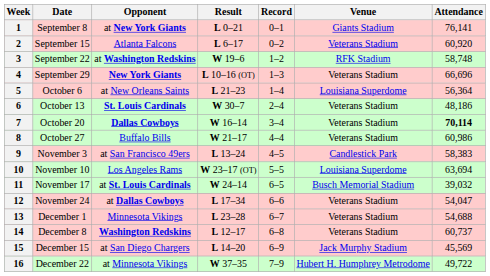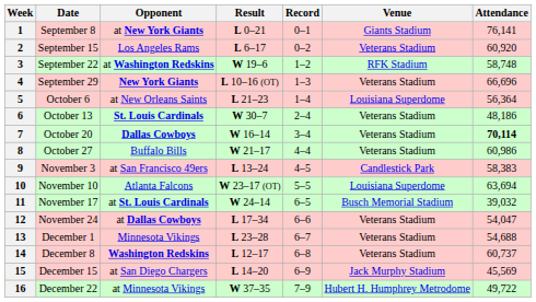 <table class="wikitable" style="text-align:center">
 <tr>
 <th>Week</th>
 <th>Date</th>
 <th>Opponent</th>
 <th>Result</th>
 <th>Record</th>
 <th>Venue</th>
 <th>Attendance</th>
 </tr>
 <tr style="background:#fcc">
 <th>1</th>
 <td>September 8</td>
 <td>at <strong><a href='#'>New York Giants</a></strong></td>
 <td><strong>L</strong> 0–21</td>
 <td>0–1</td>
 <td><a href='#'>Giants Stadium</a></td>
 <td>76,141</td>
 </tr>
 <tr style="background:#fcc">
 <th>2</th>
 <td>September 15</td>
-<td><a href='#'>Atlanta Falcons</a></td>
+<td><a href='#'>Los Angeles Rams</a></td>
 <td><strong>L</strong> 6–17</td>
 <td>0–2</td>
 <td><a href='#'>Veterans Stadium</a></td>
 <td>60,920</td>
 </tr>
 <tr style="background:#cfc">
 <th>3</th>
 <td>September 22</td>
 <td>at <strong><a href='#'>Washington Redskins</a></strong></td>
 <td><strong>W</strong> 19–6</td>
 <td>1–2</td>
 <td><a href='#'>RFK Stadium</a></td>
 <td>58,748</td>
 </tr>
 <tr style="background:#fcc">
 <th>4</th>
 <td>September 29</td>
 <td><strong><a href='#'>New York Giants</a></strong></td>
 <td><strong>L</strong> 10–16 <small>(OT)</small></td>
 <td>1–3</td>
 <td>Veterans Stadium</td>
 <td>66,696</td>
 </tr>
 <tr style="background:#fcc">
 <th>5</th>
 <td>October 6</td>
 <td>at <a href='#'>New Orleans Saints</a></td>
 <td><strong>L</strong> 21–23</td>
 <td>1–4</td>
 <td><a href='#'>Louisiana Superdome</a></td>
 <td>56,364</td>
 </tr>
 <tr style="background:#cfc">
 <th>6</th>
 <td>October 13</td>
 <td><strong><a href='#'>St. Louis Cardinals</a></strong></td>
 <td><strong>W</strong> 30–7</td>
 <td>2–4</td>
 <td>Veterans Stadium</td>
 <td>48,186</td>
 </tr>
 <tr style="background:#cfc">
 <th>7</th>
 <td>October 20</td>
 <td><strong><a href='#'>Dallas Cowboys</a></strong></td>
 <td><strong>W</strong> 16–14</td>
 <td>3–4</td>
 <td>Veterans Stadium</td>
 <td><strong>70,114</strong></td>
 </tr>
 <tr style="background:#cfc">
 <th>8</th>
 <td>October 27</td>
 <td><a href='#'>Buffalo Bills</a></td>
 <td><strong>W</strong> 21–17</td>
 <td>4–4</td>
 <td>Veterans Stadium</td>
 <td>60,986</td>
 </tr>
 <tr style="background:#fcc">
 <th>9</th>
 <td>November 3</td>
 <td>at <a href='#'>San Francisco 49ers</a></td>
 <td><strong>L</strong> 13–24</td>
 <td>4–5</td>
 <td><a href='#'>Candlestick Park</a></td>
 <td>58,383</td>
 </tr>
 <tr style="background:#cfc">
 <th>10</th>
 <td>November 10</td>
-<td><a href='#'>Los Angeles Rams</a></td>
+<td><a href='#'>Atlanta Falcons</a></td>
 <td><strong>W</strong> 23–17 <small>(OT)</small></td>
 <td>5–5</td>
 <td><a href='#'>Louisiana Superdome</a></td>
 <td>63,694</td>
 </tr>
 <tr style="background:#cfc">
 <th>11</th>
 <td>November 17</td>
 <td>at <strong><a href='#'>St. Louis Cardinals</a></strong></td>
 <td><strong>W</strong> 24–14</td>
 <td>6–5</td>
 <td><a href='#'>Busch Memorial Stadium</a></td>
 <td>39,032</td>
 </tr>
 <tr style="background:#fcc">
 <th>12</th>
 <td>November 24</td>
 <td>at <strong><a href='#'>Dallas Cowboys</a></strong></td>
 <td><strong>L</strong> 17–34</td>
 <td>6–6</td>
 <td>Veterans Stadium</td>
 <td>54,047</td>
 </tr>
 <tr style="background:#fcc">
 <th>13</th>
 <td>December 1</td>
 <td><a href='#'>Minnesota Vikings</a></td>
 <td><strong>L</strong> 23–28</td>
 <td>6–7</td>
 <td>Veterans Stadium</td>
 <td>54,688</td>
 </tr>
 <tr style="background:#fcc">
 <th>14</th>
 <td>December 8</td>
 <td><strong><a href='#'>Washington Redskins</a></strong></td>
 <td><strong>L</strong> 12–17</td>
 <td>6–8</td>
 <td>Veterans Stadium</td>
 <td>60,737</td>
 </tr>
 <tr style="background:#fcc">
 <th>15</th>
 <td>December 15</td>
 <td>at <a href='#'>San Diego Chargers</a></td>
 <td><strong>L</strong> 14–20</td>
 <td>6–9</td>
 <td><a href='#'>Jack Murphy Stadium</a></td>
 <td>45,569</td>
 </tr>
 <tr style="background:#cfc">
 <th>16</th>
 <td>December 22</td>
 <td>at <a href='#'>Minnesota Vikings</a></td>
 <td><strong>W</strong> 37–35</td>
 <td>7–9</td>
 <td><a href='#'>Hubert H. Humphrey Metrodome</a></td>
 <td>49,722</td>
 </tr>
 </table>
